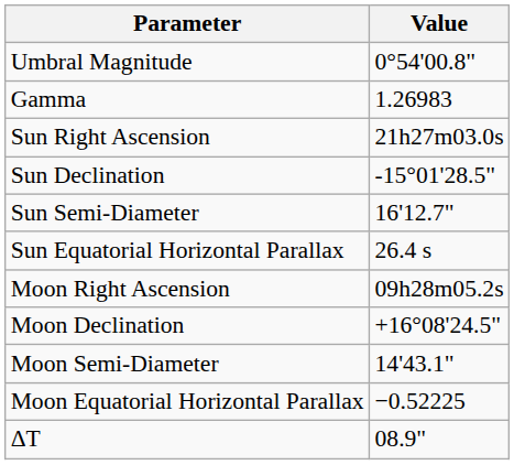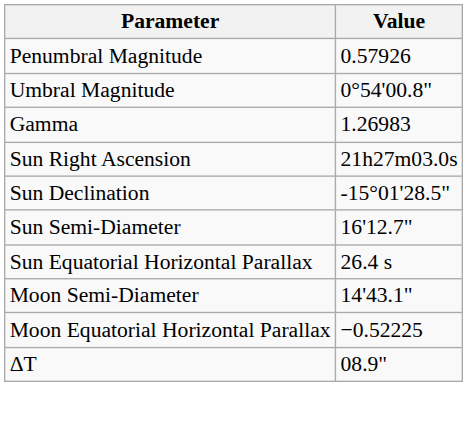 <table class="wikitable">
 <tr>
 <th>Parameter</th>
 <th>Value</th>
+</tr>
+<tr>
+<td>Penumbral Magnitude</td>
+<td>0.57926</td>
 </tr>
 <tr>
 <td>Umbral Magnitude</td>
 <td>0°54'00.8"</td>
 </tr>
 <tr>
 <td>Gamma</td>
 <td>1.26983</td>
 </tr>
 <tr>
 <td>Sun Right Ascension</td>
 <td>21h27m03.0s</td>
 </tr>
 <tr>
 <td>Sun Declination</td>
 <td>-15°01'28.5"</td>
 </tr>
 <tr>
 <td>Sun Semi-Diameter</td>
 <td>16'12.7"</td>
 </tr>
 <tr>
 <td>Sun Equatorial Horizontal Parallax</td>
 <td>26.4 s</td>
 </tr>
 <tr>
-<td>Moon Right Ascension</td>
-<td>09h28m05.2s</td>
-</tr>
-<tr>
-<td>Moon Declination</td>
-<td>+16°08'24.5"</td>
-</tr>
-<tr>
 <td>Moon Semi-Diameter</td>
 <td>14'43.1"</td>
 </tr>
 <tr>
 <td>Moon Equatorial Horizontal Parallax</td>
 <td>−0.52225</td>
 </tr>
 <tr>
 <td>ΔT</td>
 <td>08.9"</td>
 </tr>
 </table>
